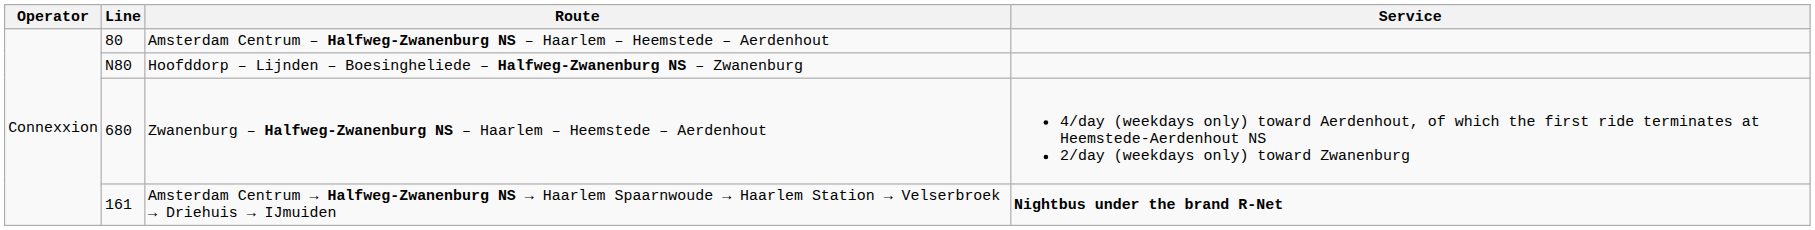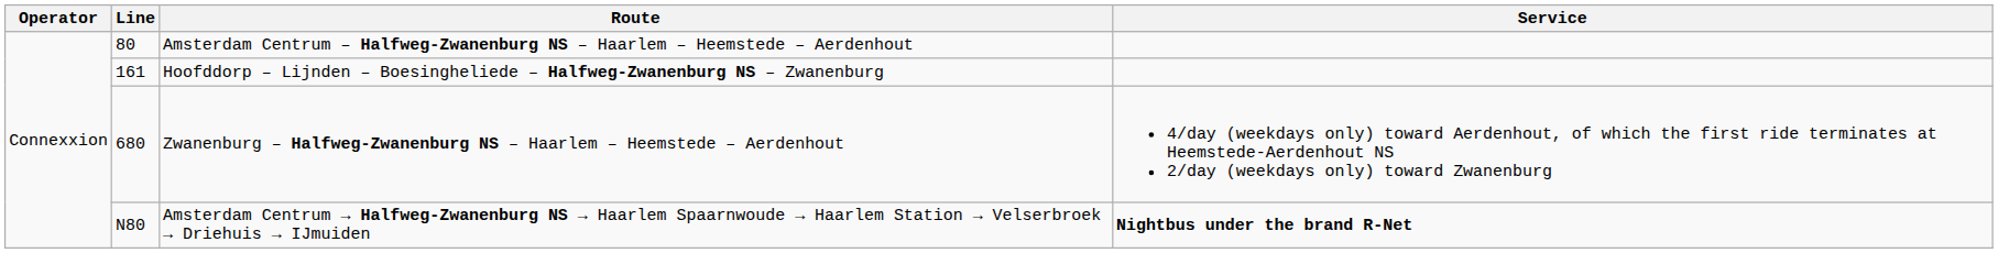 <table class="wikitable">
 <tr>
 <th>Operator</th>
 <th>Line</th>
 <th>Route</th>
 <th>Service</th>
 </tr>
 <tr>
 <td rowspan="4">Connexxion</td>
 <td>80</td>
 <td>Amsterdam Centrum – <strong>Halfweg-Zwanenburg NS</strong> – Haarlem – Heemstede – Aerdenhout</td>
 <td></td>
 </tr>
 <tr>
-<td>N80</td>
+<td>161</td>
 <td>Hoofddorp – Lijnden – Boesingheliede – <strong>Halfweg-Zwanenburg NS</strong> – Zwanenburg</td>
 <td></td>
 </tr>
 <tr>
 <td>680</td>
 <td>Zwanenburg – <strong>Halfweg-Zwanenburg NS</strong> – Haarlem – Heemstede – Aerdenhout</td>
 <td><br><ul><li>4/day (weekdays only) toward Aerdenhout, of which the first ride terminates at Heemstede-Aerdenhout NS</li><li>2/day (weekdays only) toward Zwanenburg</li></ul></td>
 </tr>
 <tr>
-<td>161</td>
+<td>N80</td>
 <td>Amsterdam Centrum → <strong>Halfweg-Zwanenburg NS</strong> → Haarlem Spaarnwoude → Haarlem Station → Velserbroek → Driehuis → IJmuiden</td>
 <td><strong>Nightbus under the brand R-Net</strong></td>
 </tr>
 </table>
